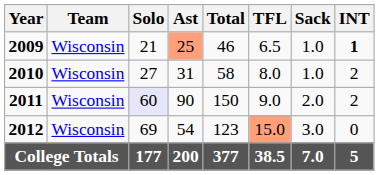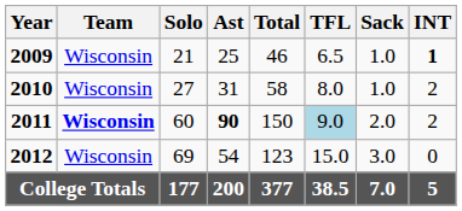 <table class="wikitable" style="text-align:center;">
 <tr>
 <th>Year</th>
 <th>Team</th>
 <th>Solo</th>
 <th>Ast</th>
 <th>Total</th>
 <th>TFL</th>
 <th>Sack</th>
 <th>INT</th>
 </tr>
 <tr>
 <td><strong>2009</strong></td>
 <td><a href='#'>Wisconsin</a></td>
 <td>21</td>
-<td style="background: lightsalmon;">25</td>
+<td>25</td>
 <td>46</td>
 <td>6.5</td>
 <td>1.0</td>
 <td><strong>1</strong></td>
 </tr>
 <tr>
 <td><strong>2010</strong></td>
 <td><a href='#'>Wisconsin</a></td>
 <td>27</td>
 <td>31</td>
 <td>58</td>
 <td>8.0</td>
 <td>1.0</td>
 <td>2</td>
 </tr>
 <tr>
 <td><strong>2011</strong></td>
-<td><a href='#'>Wisconsin</a></td>
-<td style="background: lavender;">60</td>
-<td>90</td>
+<td><strong><a href='#'>Wisconsin</a></strong></td>
+<td>60</td>
+<td><strong>90</strong></td>
 <td>150</td>
-<td>9.0</td>
+<td style="background: lightblue;">9.0</td>
 <td>2.0</td>
 <td>2</td>
 </tr>
 <tr>
 <td><strong>2012</strong></td>
 <td><a href='#'>Wisconsin</a></td>
 <td>69</td>
 <td>54</td>
 <td>123</td>
-<td style="background: lightsalmon;">15.0</td>
+<td>15.0</td>
 <td>3.0</td>
 <td>0</td>
 </tr>
 <tr style="background:#555555;font-weight:bold;color:white;">
 <td colspan=2>College Totals</td>
 <td>177</td>
 <td>200</td>
 <td>377</td>
 <td>38.5</td>
 <td>7.0</td>
 <td>5</td>
 </tr>
 <tr style="background:#555555;font-weight:bold;color:white;">
 </tr>
 </table>
